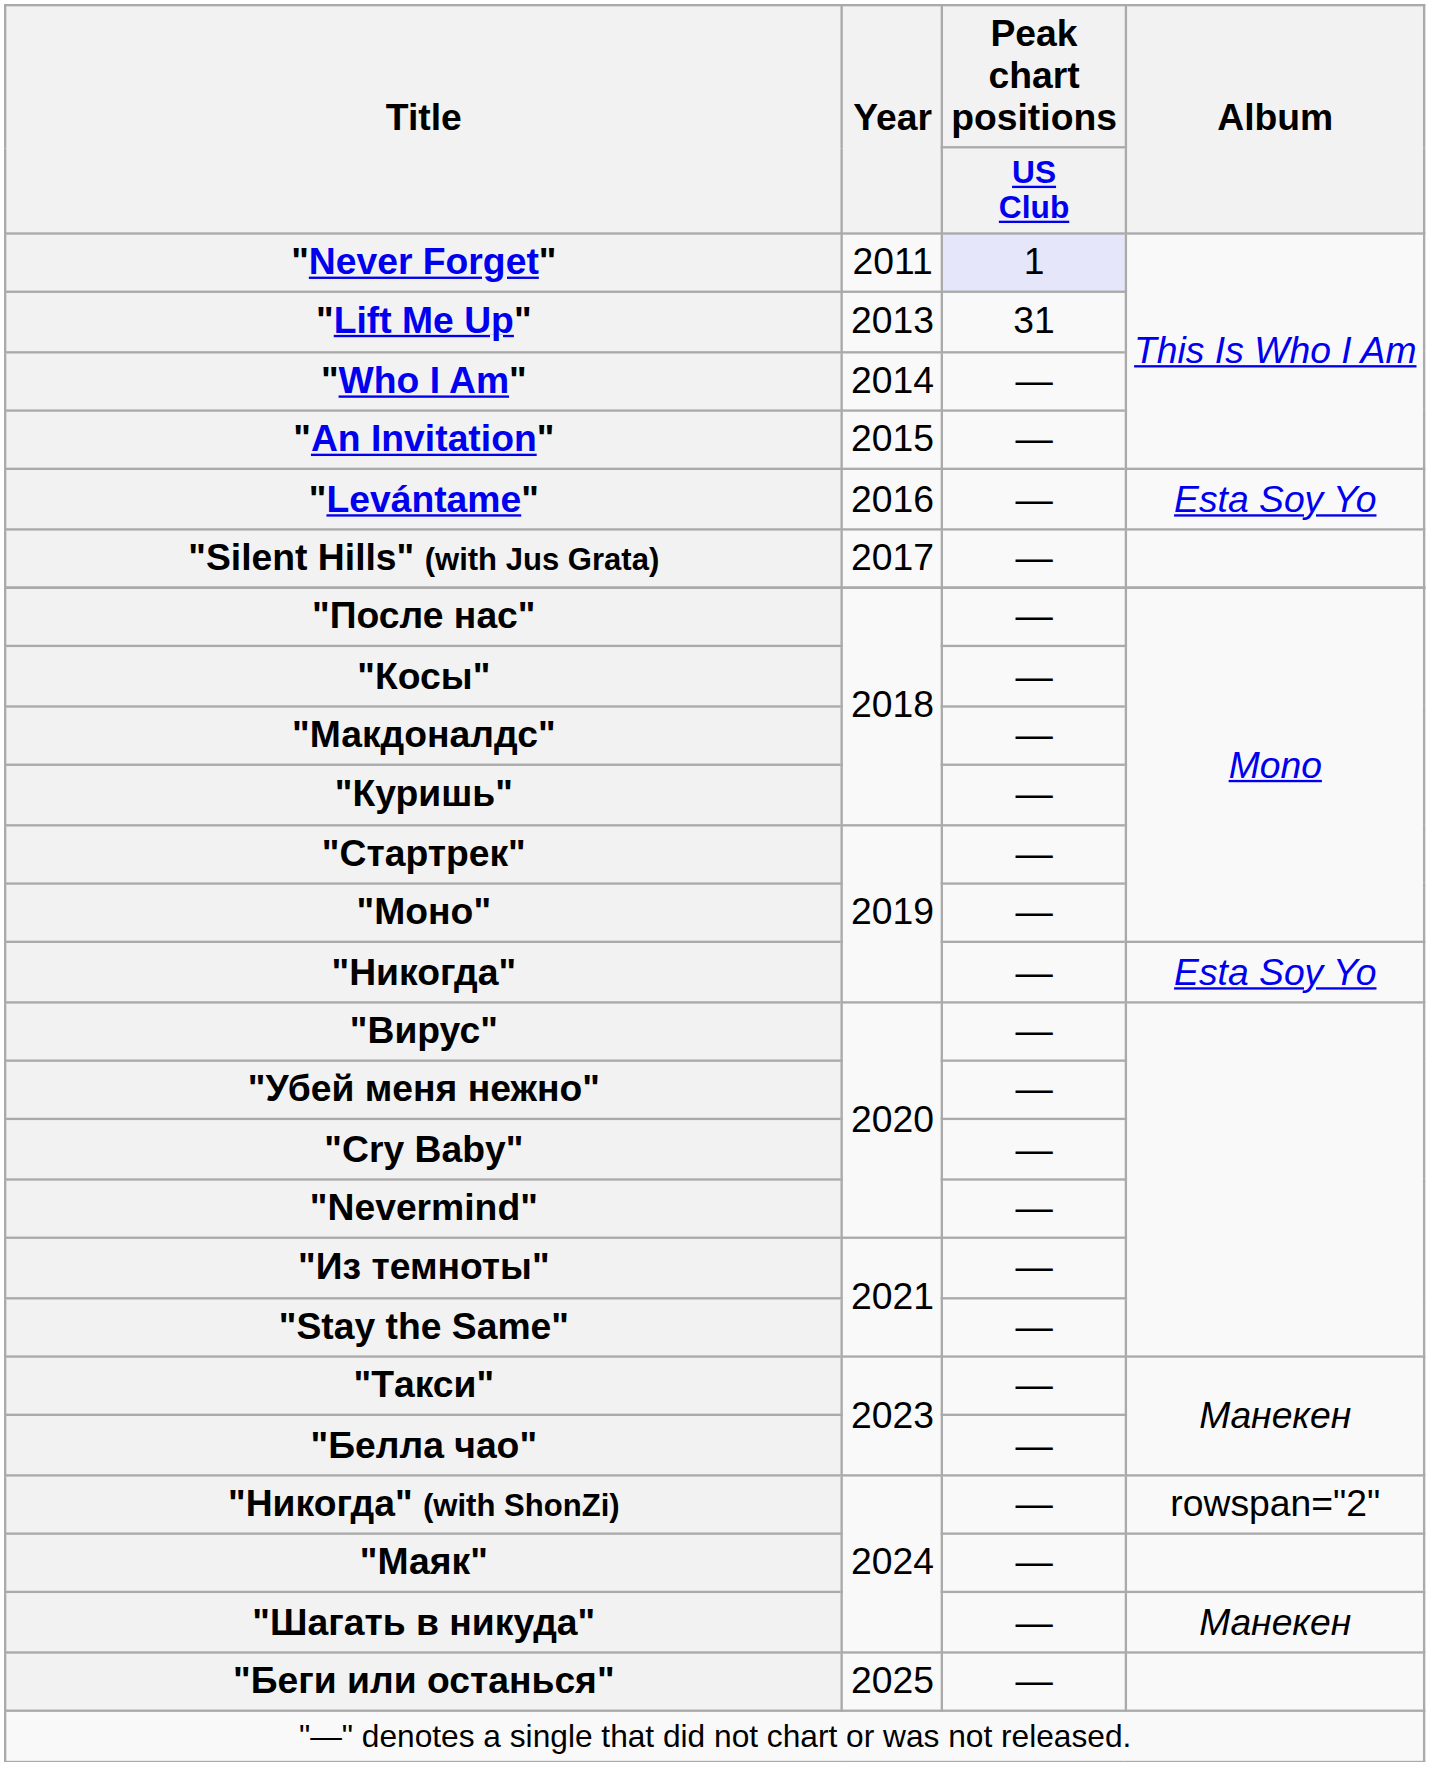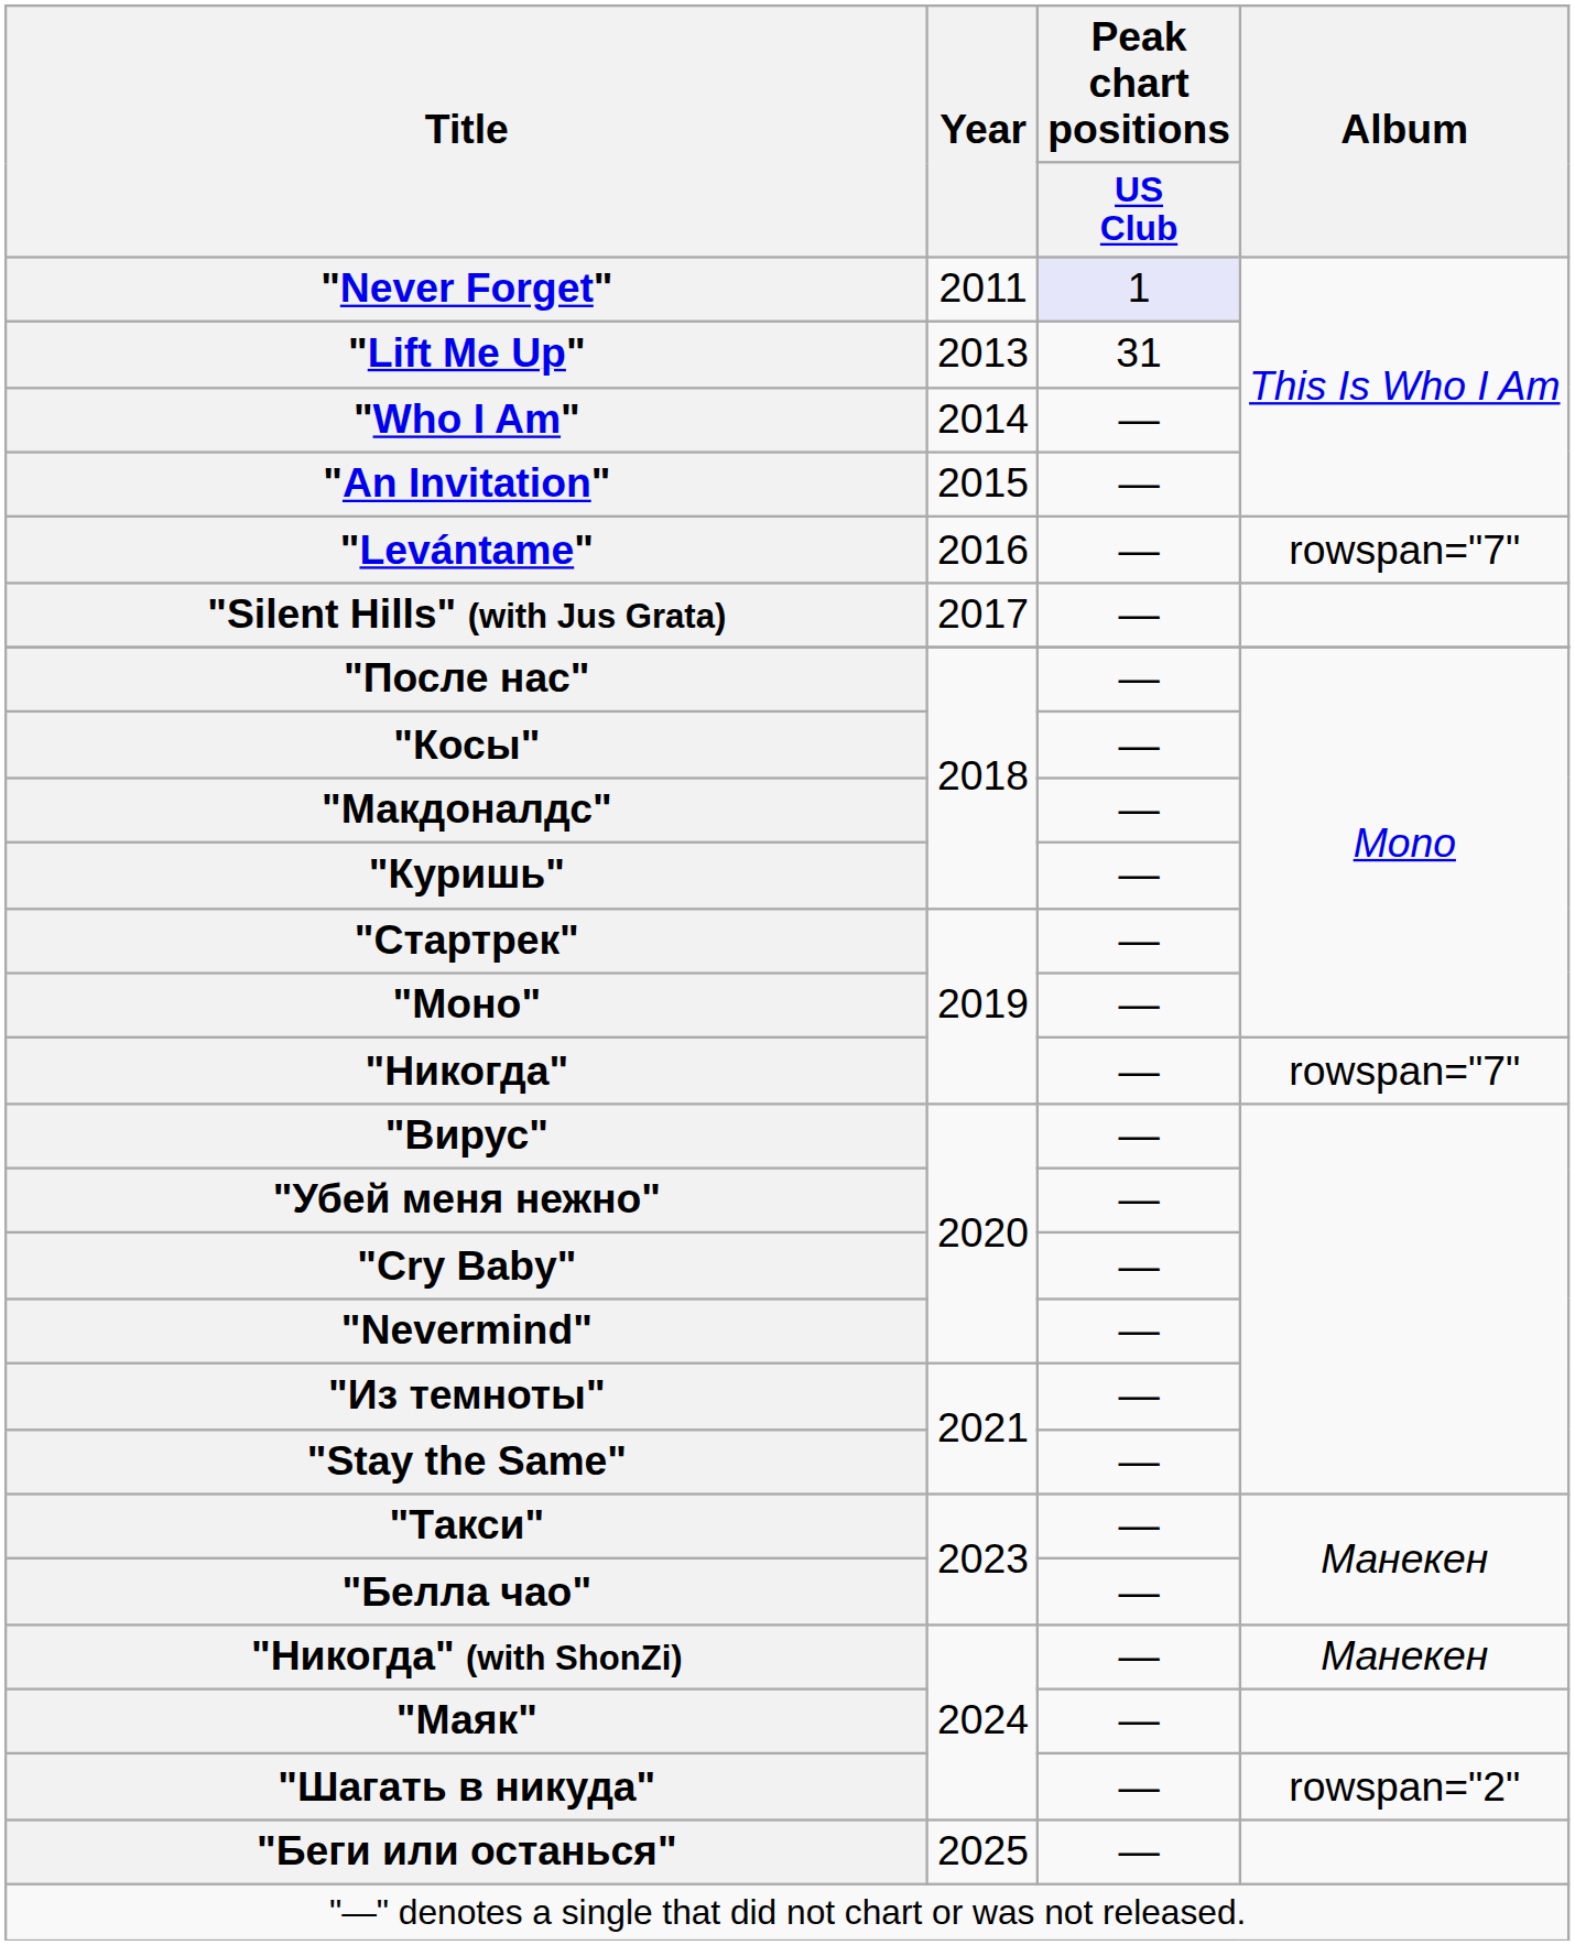 <table class="wikitable plainrowheaders" style="text-align:center;">
 <tr>
 <th scope="col" rowspan="2" style="width:22em;">Title</th>
 <th scope="col" rowspan="2" style="width:1em;">Year</th>
 <th scope="col" colspan="1">Peak chart positions</th>
 <th scope="col" rowspan="2">Album</th>
 </tr>
 <tr>
 <th scope="col" style="width:3em;font-size:85%;"><a href='#'>US<br>Club</a></th>
 </tr>
 <tr>
 <th scope="row">"<a href='#'>Never Forget</a>"</th>
 <td>2011</td>
 <td style="background: lavender;">1</td>
 <td rowspan="4"><em><a href='#'>This Is Who I Am</a></em></td>
 </tr>
 <tr>
 <th scope="row">"<a href='#'>Lift Me Up</a>"</th>
 <td>2013</td>
 <td>31</td>
 </tr>
 <tr>
 <th scope="row">"<a href='#'>Who I Am</a>"</th>
 <td>2014</td>
 <td>—</td>
 </tr>
 <tr>
 <th scope="row">"<a href='#'>An Invitation</a>"</th>
 <td>2015</td>
 <td>—</td>
 </tr>
 <tr>
 <th scope="row">"<a href='#'>Levántame</a>"</th>
 <td>2016</td>
 <td>—</td>
-<td><em><a href='#'>Esta Soy Yo</a></em></td>
+<td>rowspan="7" </td>
 </tr>
 <tr>
 <th scope="row">"Silent Hills" <small>(with Jus Grata)</small></th>
 <td>2017</td>
 <td>—</td>
 <td></td>
 </tr>
 <tr>
 </tr>
 <tr>
 <th scope="row">"После нас"</th>
 <td rowspan="4">2018</td>
 <td>—</td>
 <td rowspan="6"><em><a href='#'>Mono</a></em></td>
 </tr>
 <tr>
 <th scope="row">"Косы"</th>
 <td>—</td>
 </tr>
 <tr>
 <th scope="row">"Макдоналдс"</th>
 <td>—</td>
 </tr>
 <tr>
 <th scope="row">"Куришь"</th>
 <td>—</td>
 </tr>
 <tr>
 <th scope="row">"Стартрек"</th>
 <td rowspan="3">2019</td>
 <td>—</td>
 </tr>
 <tr>
 <th scope="row">"Моно"</th>
 <td>—</td>
 </tr>
 <tr>
 <th scope="row">"Никогда"</th>
 <td>—</td>
-<td><em><a href='#'>Esta Soy Yo</a></em></td>
+<td>rowspan="7" </td>
 </tr>
 <tr>
 <th scope="row">"Вирус"</th>
 <td rowspan="4">2020</td>
 <td>—</td>
 </tr>
 <tr>
 <th scope="row">"Убей меня нежно"</th>
 <td>—</td>
 </tr>
 <tr>
 <th scope="row">"Cry Baby"</th>
 <td>—</td>
 </tr>
 <tr>
 <th scope="row">"Nevermind"</th>
 <td>—</td>
 </tr>
 <tr>
 <th scope="row">"Из темноты"</th>
 <td rowspan="2">2021</td>
 <td>—</td>
 </tr>
 <tr>
 <th scope="row">"Stay the Same"</th>
 <td>—</td>
 </tr>
 <tr>
 <th scope="row">"Tакси"</th>
 <td rowspan="2">2023</td>
 <td>—</td>
 <td rowspan="2"><em>Mанекен</em></td>
 </tr>
 <tr>
 <th scope="row">"Белла чао"</th>
 <td>—</td>
 </tr>
 <tr>
 <th scope="row">"Никогда" <small>(with ShonZi)</small></th>
 <td rowspan="3">2024</td>
 <td>—</td>
-<td>rowspan="2" </td>
+<td><em>Mанекен</em></td>
 </tr>
 <tr>
 <th scope="row">"Маяк"</th>
 <td>—</td>
 </tr>
 <tr>
 <th scope="row">"Шагать в никуда"</th>
 <td>—</td>
-<td><em>Mанекен</em></td>
+<td>rowspan="2" </td>
 </tr>
 <tr>
 <th scope="row">"Беги или останься"</th>
 <td>2025</td>
 <td>—</td>
 <td></td>
 </tr>
 <tr>
 <td colspan="22" style="text-align:center; font-size:85%;">"—" denotes a single that did not chart or was not released.</td>
 </tr>
 </table>
